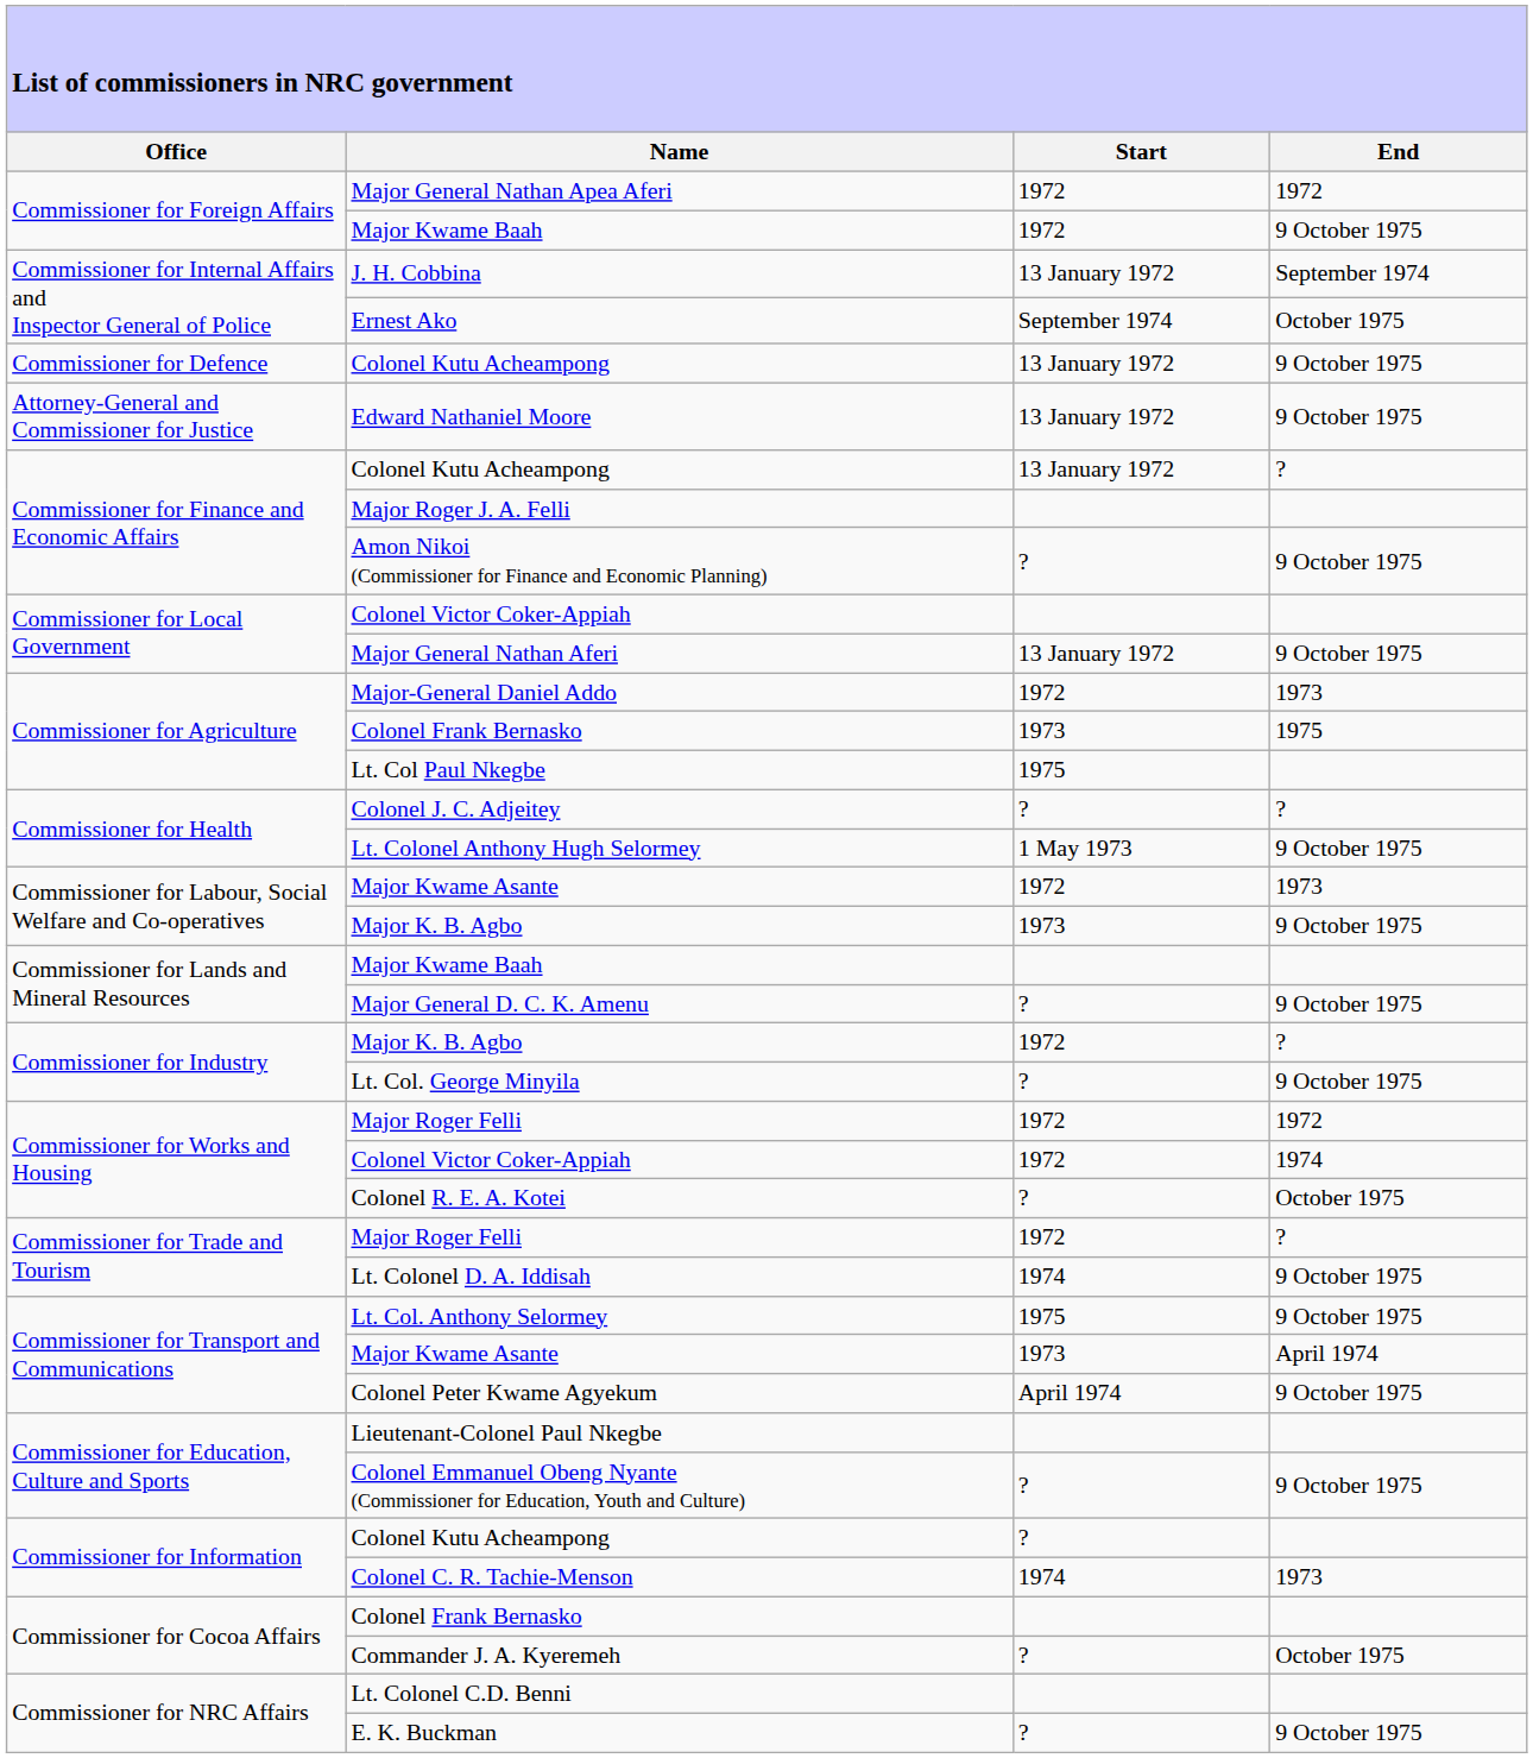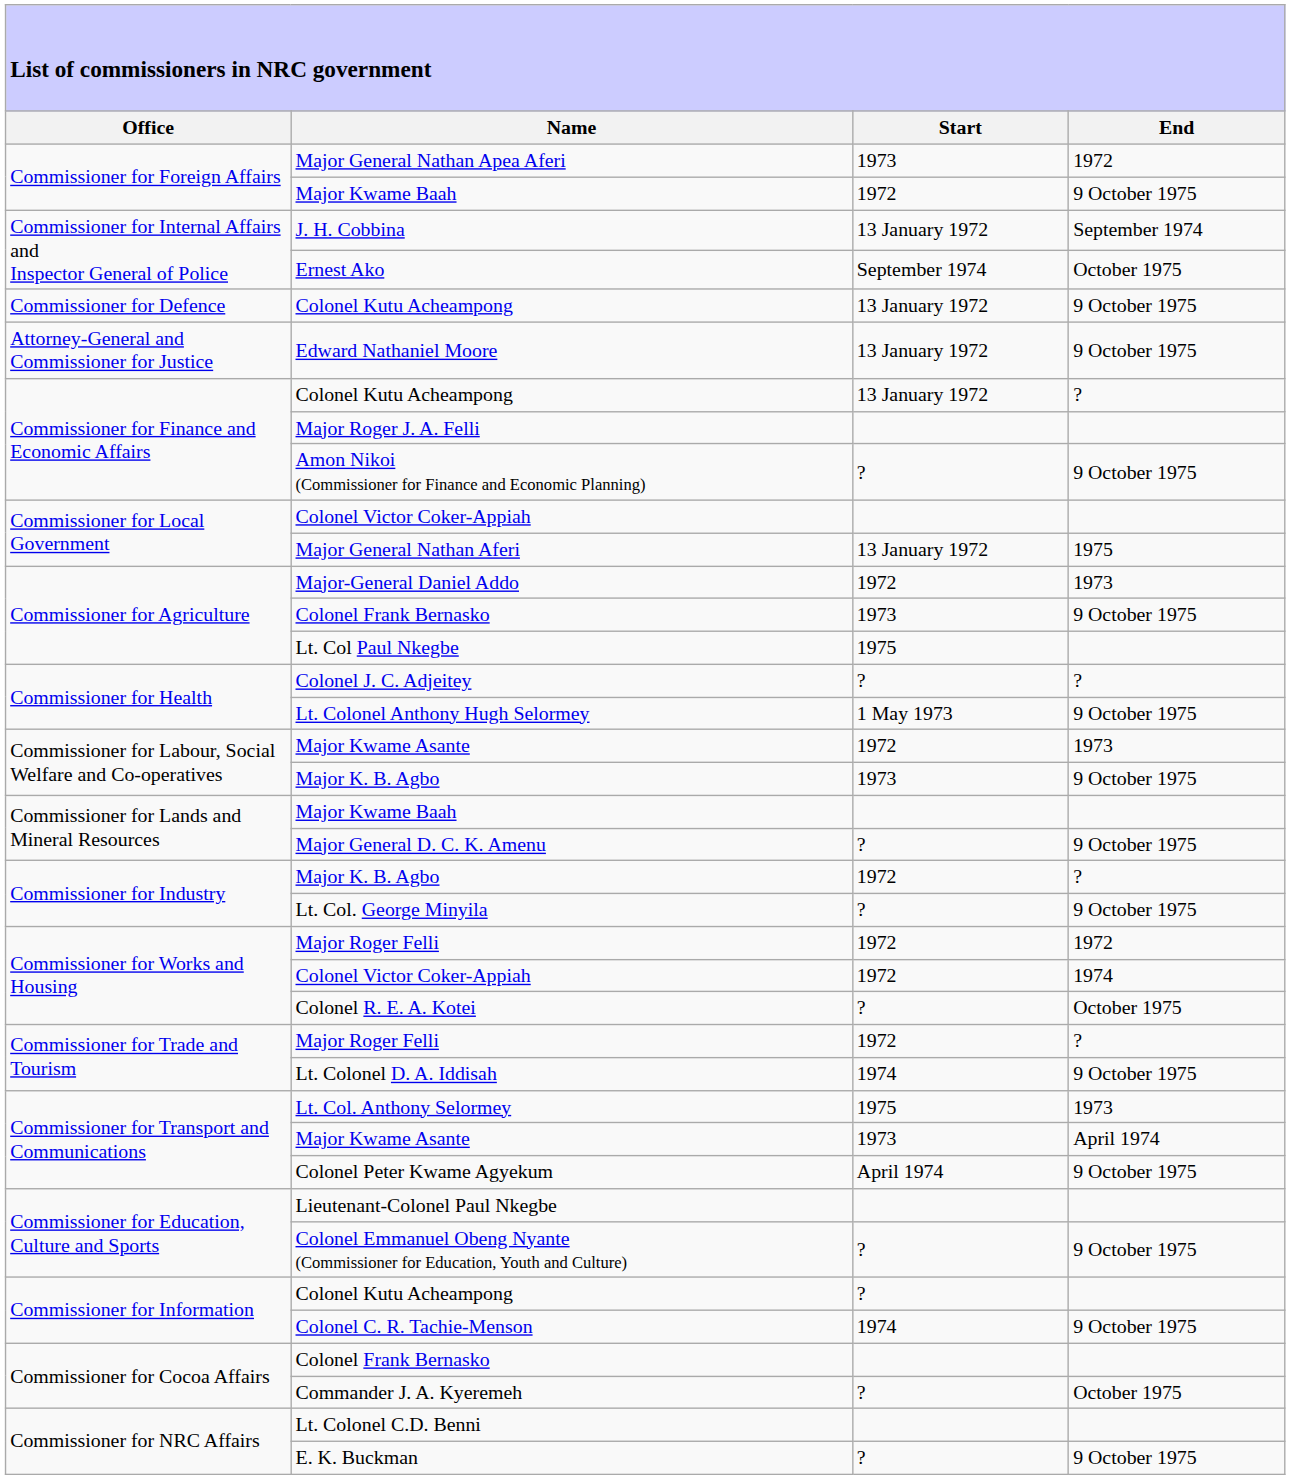 <table class="wikitable" style="font-size:90%; text-align:left; margin:1em auto;">
 <tr>
 <td bgcolor="#ccccff" colspan="6"><br><h3>List of commissioners in NRC government</h3></td>
 </tr>
 <tr>
 <th width=200>Office</th>
 <th width=400>Name</th>
 <th width=150>Start</th>
 <th width=150>End</th>
 </tr>
 <tr>
 <td rowspan=2><a href='#'>Commissioner for Foreign Affairs</a></td>
 <td><a href='#'>Major General Nathan Apea Aferi</a></td>
-<td>1972</td>
+<td>1973</td>
 <td>1972</td>
 </tr>
 <tr>
 <td><a href='#'>Major Kwame Baah</a></td>
 <td>1972</td>
 <td>9 October 1975</td>
 </tr>
 <tr>
 <td rowspan=2><a href='#'>Commissioner for Internal Affairs</a> and<br><a href='#'>Inspector General of Police</a></td>
 <td><a href='#'>J. H. Cobbina</a></td>
 <td>13 January 1972</td>
 <td>September 1974</td>
 </tr>
 <tr>
 <td><a href='#'>Ernest Ako</a></td>
 <td>September 1974</td>
 <td>October 1975</td>
 </tr>
 <tr>
 <td><a href='#'>Commissioner for Defence</a></td>
 <td><a href='#'>Colonel Kutu Acheampong</a></td>
 <td>13 January 1972</td>
 <td>9 October 1975</td>
 </tr>
 <tr>
 <td><a href='#'>Attorney-General and<br>Commissioner for Justice</a></td>
 <td><a href='#'>Edward Nathaniel Moore</a></td>
 <td>13 January 1972</td>
 <td>9 October 1975</td>
 </tr>
 <tr>
 <td rowspan=3><a href='#'>Commissioner for Finance and Economic Affairs</a></td>
 <td>Colonel Kutu Acheampong</td>
 <td>13 January 1972</td>
 <td>?</td>
 </tr>
 <tr>
 <td><a href='#'>Major Roger J. A. Felli</a></td>
 <td></td>
 <td></td>
 </tr>
 <tr>
 <td><a href='#'>Amon Nikoi</a><br><small>(Commissioner for Finance and Economic Planning)</small></td>
 <td>?</td>
 <td>9 October 1975</td>
 </tr>
 <tr>
 <td rowspan=2><a href='#'>Commissioner for Local Government</a></td>
 <td><a href='#'>Colonel Victor Coker-Appiah</a></td>
 <td></td>
 <td></td>
 </tr>
 <tr>
 <td><a href='#'>Major General Nathan Aferi</a></td>
 <td>13 January 1972</td>
-<td>9 October 1975</td>
+<td>1975</td>
 </tr>
 <tr>
 <td rowspan=3><a href='#'>Commissioner for Agriculture</a></td>
 <td><a href='#'>Major-General Daniel Addo</a></td>
 <td>1972</td>
 <td>1973</td>
 </tr>
 <tr>
 <td><a href='#'>Colonel Frank Bernasko</a></td>
 <td>1973</td>
-<td>1975</td>
+<td>9 October 1975</td>
 </tr>
 <tr>
 <td>Lt. Col <a href='#'>Paul Nkegbe</a></td>
 <td>1975</td>
 <td></td>
 </tr>
 <tr>
 <td rowspan=2><a href='#'>Commissioner for Health</a></td>
 <td><a href='#'>Colonel J. C. Adjeitey</a></td>
 <td>?</td>
 <td>?</td>
 </tr>
 <tr>
 <td><a href='#'>Lt. Colonel Anthony Hugh Selormey</a></td>
 <td>1 May 1973</td>
 <td>9 October 1975</td>
 </tr>
 <tr>
 <td rowspan=2>Commissioner for Labour, Social Welfare and Co-operatives</td>
 <td><a href='#'>Major Kwame Asante</a></td>
 <td>1972</td>
 <td>1973</td>
 </tr>
 <tr>
 <td><a href='#'>Major K. B. Agbo</a></td>
 <td>1973</td>
 <td>9 October 1975</td>
 </tr>
 <tr>
 <td rowspan=2>Commissioner for Lands and Mineral Resources</td>
 <td><a href='#'>Major Kwame Baah</a></td>
 <td></td>
 <td></td>
 </tr>
 <tr>
 <td><a href='#'>Major General D. C. K. Amenu</a></td>
 <td>?</td>
 <td>9 October 1975</td>
 </tr>
 <tr>
 <td rowspan=2><a href='#'>Commissioner for Industry</a></td>
 <td><a href='#'>Major K. B. Agbo</a></td>
 <td>1972</td>
 <td>?</td>
 </tr>
 <tr>
 <td>Lt. Col. <a href='#'>George Minyila</a></td>
 <td>?</td>
 <td>9 October 1975</td>
 </tr>
 <tr>
 <td rowspan=3><a href='#'>Commissioner for Works and Housing</a></td>
 <td><a href='#'>Major Roger Felli</a></td>
 <td>1972</td>
 <td>1972</td>
 </tr>
 <tr>
 <td><a href='#'>Colonel Victor Coker-Appiah</a></td>
 <td>1972</td>
 <td>1974</td>
 </tr>
 <tr>
 <td>Colonel <a href='#'>R. E. A. Kotei</a></td>
 <td>?</td>
 <td>October 1975</td>
 </tr>
 <tr>
 <td rowspan=2><a href='#'>Commissioner for Trade and Tourism</a></td>
 <td><a href='#'>Major Roger Felli</a></td>
 <td>1972</td>
 <td>?</td>
 </tr>
 <tr>
 <td>Lt. Colonel <a href='#'>D. A. Iddisah</a></td>
 <td>1974</td>
 <td>9 October 1975</td>
 </tr>
 <tr>
 <td rowspan=3><a href='#'>Commissioner for Transport and Communications</a></td>
 <td><a href='#'>Lt. Col. Anthony Selormey</a></td>
 <td>1975</td>
-<td>9 October 1975</td>
+<td>1973</td>
 </tr>
 <tr>
 <td><a href='#'>Major Kwame Asante</a></td>
 <td>1973</td>
 <td>April 1974</td>
 </tr>
 <tr>
 <td>Colonel Peter Kwame Agyekum</td>
 <td>April 1974</td>
 <td>9 October 1975</td>
 </tr>
 <tr>
 <td rowspan=2><a href='#'>Commissioner for Education, Culture and Sports</a></td>
 <td>Lieutenant-Colonel Paul Nkegbe<br></td>
 <td></td>
 <td></td>
 </tr>
 <tr>
 <td><a href='#'>Colonel Emmanuel Obeng Nyante</a><br><small>(Commissioner for Education, Youth and Culture)</small></td>
 <td>?</td>
 <td>9 October 1975</td>
 </tr>
 <tr>
 <td rowspan=2><a href='#'>Commissioner for Information</a></td>
 <td>Colonel Kutu Acheampong</td>
 <td>?</td>
 <td></td>
 </tr>
 <tr>
 <td><a href='#'>Colonel C. R. Tachie-Menson</a></td>
 <td>1974</td>
-<td>1973</td>
+<td>9 October 1975</td>
 </tr>
 <tr>
 <td rowspan=2>Commissioner for Cocoa Affairs</td>
 <td>Colonel <a href='#'>Frank Bernasko</a></td>
 <td></td>
 <td></td>
 </tr>
 <tr>
 <td>Commander J. A. Kyeremeh</td>
 <td>?</td>
 <td>October 1975</td>
 </tr>
 <tr>
 <td rowspan=2>Commissioner for NRC Affairs</td>
 <td>Lt. Colonel C.D. Benni</td>
 <td></td>
 <td></td>
 </tr>
 <tr>
 <td>E. K. Buckman</td>
 <td>?</td>
 <td>9 October 1975</td>
 </tr>
 </table>
